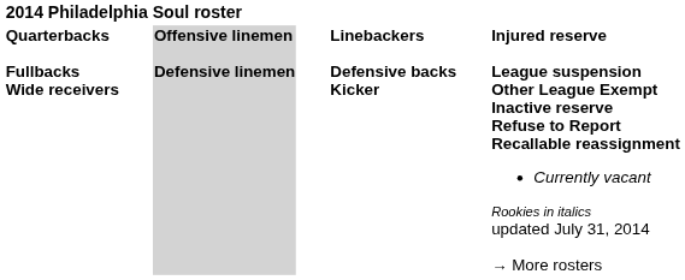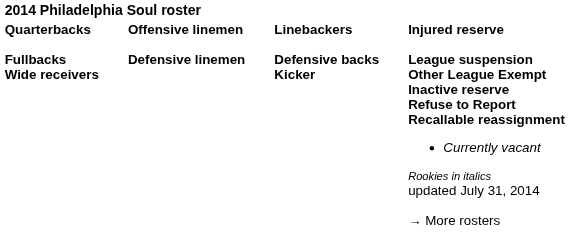 <table class="toccolours" style="text-align: left;">
 <tr>
 <th colspan=7><strong>2014 Philadelphia Soul roster</strong></th>
 </tr>
 <tr>
 <td style="font-size: 95%;" valign="top"><strong>Quarterbacks</strong><br> <br><strong>Fullbacks</strong> <br><strong>Wide receivers</strong>     </td>
 <td style="width: 25px;"></td>
-<td style="background: lightgrey; font-size: 95%;" valign="top"><strong>Offensive linemen</strong><br>   <br><strong>Defensive linemen</strong>  </td>
+<td style="font-size: 95%;" valign="top"><strong>Offensive linemen</strong><br>   <br><strong>Defensive linemen</strong>  </td>
 <td style="width: 25px;"></td>
 <td style="font-size: 95%;" valign="top"><strong>Linebackers</strong><br>  <br><strong>Defensive backs</strong>     <br><strong>Kicker</strong> </td>
 <td style="width: 25px;"></td>
 <td style="font-size: 95%;" valign="top"><strong>Injured reserve</strong><br>       <br><strong>League suspension</strong>     <br><strong>Other League Exempt</strong> <br><strong>Inactive reserve</strong>  <br><strong>Refuse to Report</strong> <br><strong>Recallable reassignment</strong><ul><li><em>Currently vacant</em></li></ul><small><em>Rookies in italics</em></small><br> <span> </span> updated July 31, 2014<br> <br>→ More rosters</td>
 </tr>
 <tr>
 </tr>
 </table>
